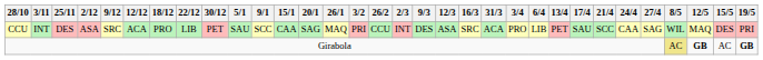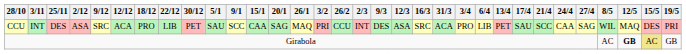 <table class="wikitable" style="font-size: 74%; text-align:center;">
 <tr>
 <th align=center>28/10</th>
 <th align=center>3/11</th>
 <th align=center>25/11</th>
 <th align=center>2/12</th>
 <th align=center>9/12</th>
 <th align=center>12/12</th>
 <th align=center>18/12</th>
 <th align=center>22/12</th>
 <th align=center>30/12</th>
 <th align=center>5/1</th>
 <th align=center>9/1</th>
 <th align=center>15/1</th>
 <th align=center>20/1</th>
 <th align=center>26/1</th>
 <th align=center>3/2</th>
 <th align=center>26/2</th>
 <th align=center>2/3</th>
 <th align=center>9/3</th>
 <th align=center>12/3</th>
 <th align=center>16/3</th>
 <th align=center>31/3</th>
 <th align=center>3/4</th>
 <th align=center>6/4</th>
 <th align=center>13/4</th>
 <th align=center>17/4</th>
 <th align=center>21/4</th>
 <th align=center>24/4</th>
 <th align=center>27/4</th>
 <th align=center>8/5</th>
 <th align=center>12/5</th>
 <th align=center>15/5</th>
 <th align=center>19/5</th>
 </tr>
 <tr align=center>
 <td bgcolor=#ffffbb>CCU</td>
 <td bgcolor=#bbf3bb>INT</td>
 <td bgcolor=#ffbbbb>DES</td>
 <td bgcolor=#ffbbbb>ASA</td>
 <td bgcolor=#ffffbb>SRC</td>
 <td bgcolor=#bbf3bb>ACA</td>
 <td bgcolor=#bbf3bb>PRO</td>
 <td bgcolor=#bbf3bb>LIB</td>
 <td bgcolor=#ffbbbb>PET</td>
 <td bgcolor=#bbf3bb>SAU</td>
 <td bgcolor=#ffffbb>SCC</td>
 <td bgcolor=#bbf3bb>CAA</td>
 <td bgcolor=#bbf3bb>SAG</td>
 <td bgcolor=#ffffbb>MAQ</td>
 <td bgcolor=#ffbbbb>PRI</td>
 <td bgcolor=#bbf3bb>CCU</td>
 <td bgcolor=#ffbbbb>INT</td>
 <td bgcolor=#bbf3bb>DES</td>
 <td bgcolor=#bbf3bb>ASA</td>
 <td bgcolor=#ffffbb>SRC</td>
 <td bgcolor=#bbf3bb>ACA</td>
 <td bgcolor=#ffffbb>PRO</td>
 <td bgcolor=#ffffbb>LIB</td>
 <td bgcolor=#ffbbbb>PET</td>
 <td bgcolor=#bbf3bb>SAU</td>
 <td bgcolor=#bbf3bb>SCC</td>
 <td bgcolor=#ffffbb>CAA</td>
 <td bgcolor=#ffffbb>SAG</td>
 <td bgcolor=#bbf3bb>WIL</td>
 <td bgcolor=#ffffbb>MAQ</td>
 <td bgcolor=#ffbbbb>DES</td>
 <td bgcolor=#ffbbbb>PRI</td>
 </tr>
 <tr align=center>
 <td colspan=28>Girabola</td>
-<td style="background: khaki;">AC</td>
-<td><strong>GB</strong></td>
 <td>AC</td>
 <td><strong>GB</strong></td>
+<td style="background: khaki;">AC</td>
+<td>GB</td>
 </tr>
 </table>
